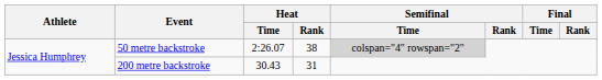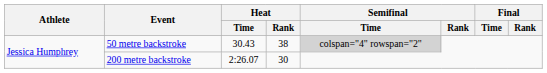 <table class="wikitable" style="text-align:center; font-size:90%; width:50%;">
 <tr>
 <th rowspan="2">Athlete</th>
 <th rowspan="2">Event</th>
 <th colspan="2">Heat</th>
 <th colspan="2">Semifinal</th>
 <th colspan="2">Final</th>
 </tr>
 <tr style="font-size:95%">
 <th>Time</th>
 <th>Rank</th>
 <th>Time</th>
 <th>Rank</th>
 <th>Time</th>
 <th>Rank</th>
 </tr>
 <tr align=center>
 <td align=left rowspan="2"><a href='#'>Jessica Humphrey</a></td>
 <td align=left><a href='#'>50 metre backstroke</a></td>
-<td>2:26.07</td>
+<td>30.43</td>
 <td>38</td>
 <td style="background: lightgrey;">colspan="4" rowspan="2"</td>
 </tr>
 <tr align=center>
 <td align=left><a href='#'>200 metre backstroke</a></td>
-<td>30.43</td>
-<td>31</td>
+<td>2:26.07</td>
+<td>30</td>
 </tr>
 </table>
